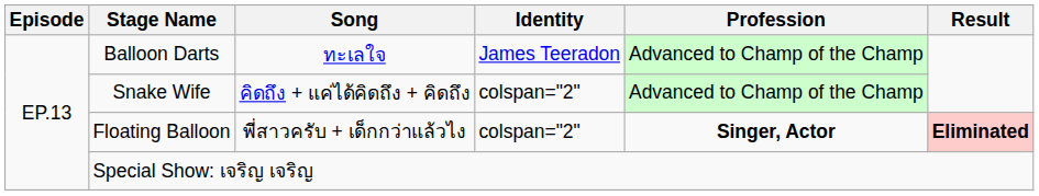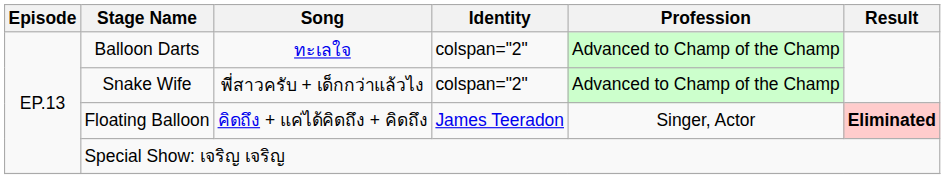 <table class="wikitable">
 <tr>
 <th>Episode</th>
 <th>Stage Name</th>
 <th>Song</th>
 <th>Identity</th>
 <th>Profession</th>
 <th>Result</th>
 </tr>
 <tr>
 <td rowspan="4" align="center">EP.13</td>
 <td style="text-align:center;">Balloon Darts</td>
 <td style="text-align:center;"><a href='#'>ทะเลใจ</a></td>
-<td style="text-align:center;"><a href='#'>James Teeradon</a></td>
+<td>colspan="2"  </td>
 <td style="text-align:center; background:#ccffcc;">Advanced to Champ of the Champ</td>
 </tr>
 <tr>
 <td style="text-align:center;">Snake Wife</td>
-<td style="text-align:center;"><a href='#'>คิดถึง</a> + แค่ได้คิดถึง + คิดถึง</td>
+<td style="text-align:center;">พี่สาวครับ + เด็กกว่าแล้วไง</td>
 <td>colspan="2"  </td>
 <td style="text-align:center; background:#ccffcc;">Advanced to Champ of the Champ</td>
 </tr>
 <tr>
 <td style="text-align:center;">Floating Balloon</td>
-<td style="text-align:center;">พี่สาวครับ + เด็กกว่าแล้วไง</td>
-<td>colspan="2"  </td>
-<td style="text-align:center;"><strong>Singer, Actor</strong></td>
+<td style="text-align:center;"><a href='#'>คิดถึง</a> + แค่ได้คิดถึง + คิดถึง</td>
+<td style="text-align:center;"><a href='#'>James Teeradon</a></td>
+<td style="text-align:center;">Singer, Actor</td>
 <td style="text-align:center; background:#ffcccc;"><strong>Eliminated</strong></td>
 </tr>
 <tr>
 <td colspan="5">Special Show: เจริญ เจริญ</td>
 </tr>
 <tr>
 </tr>
 </table>
